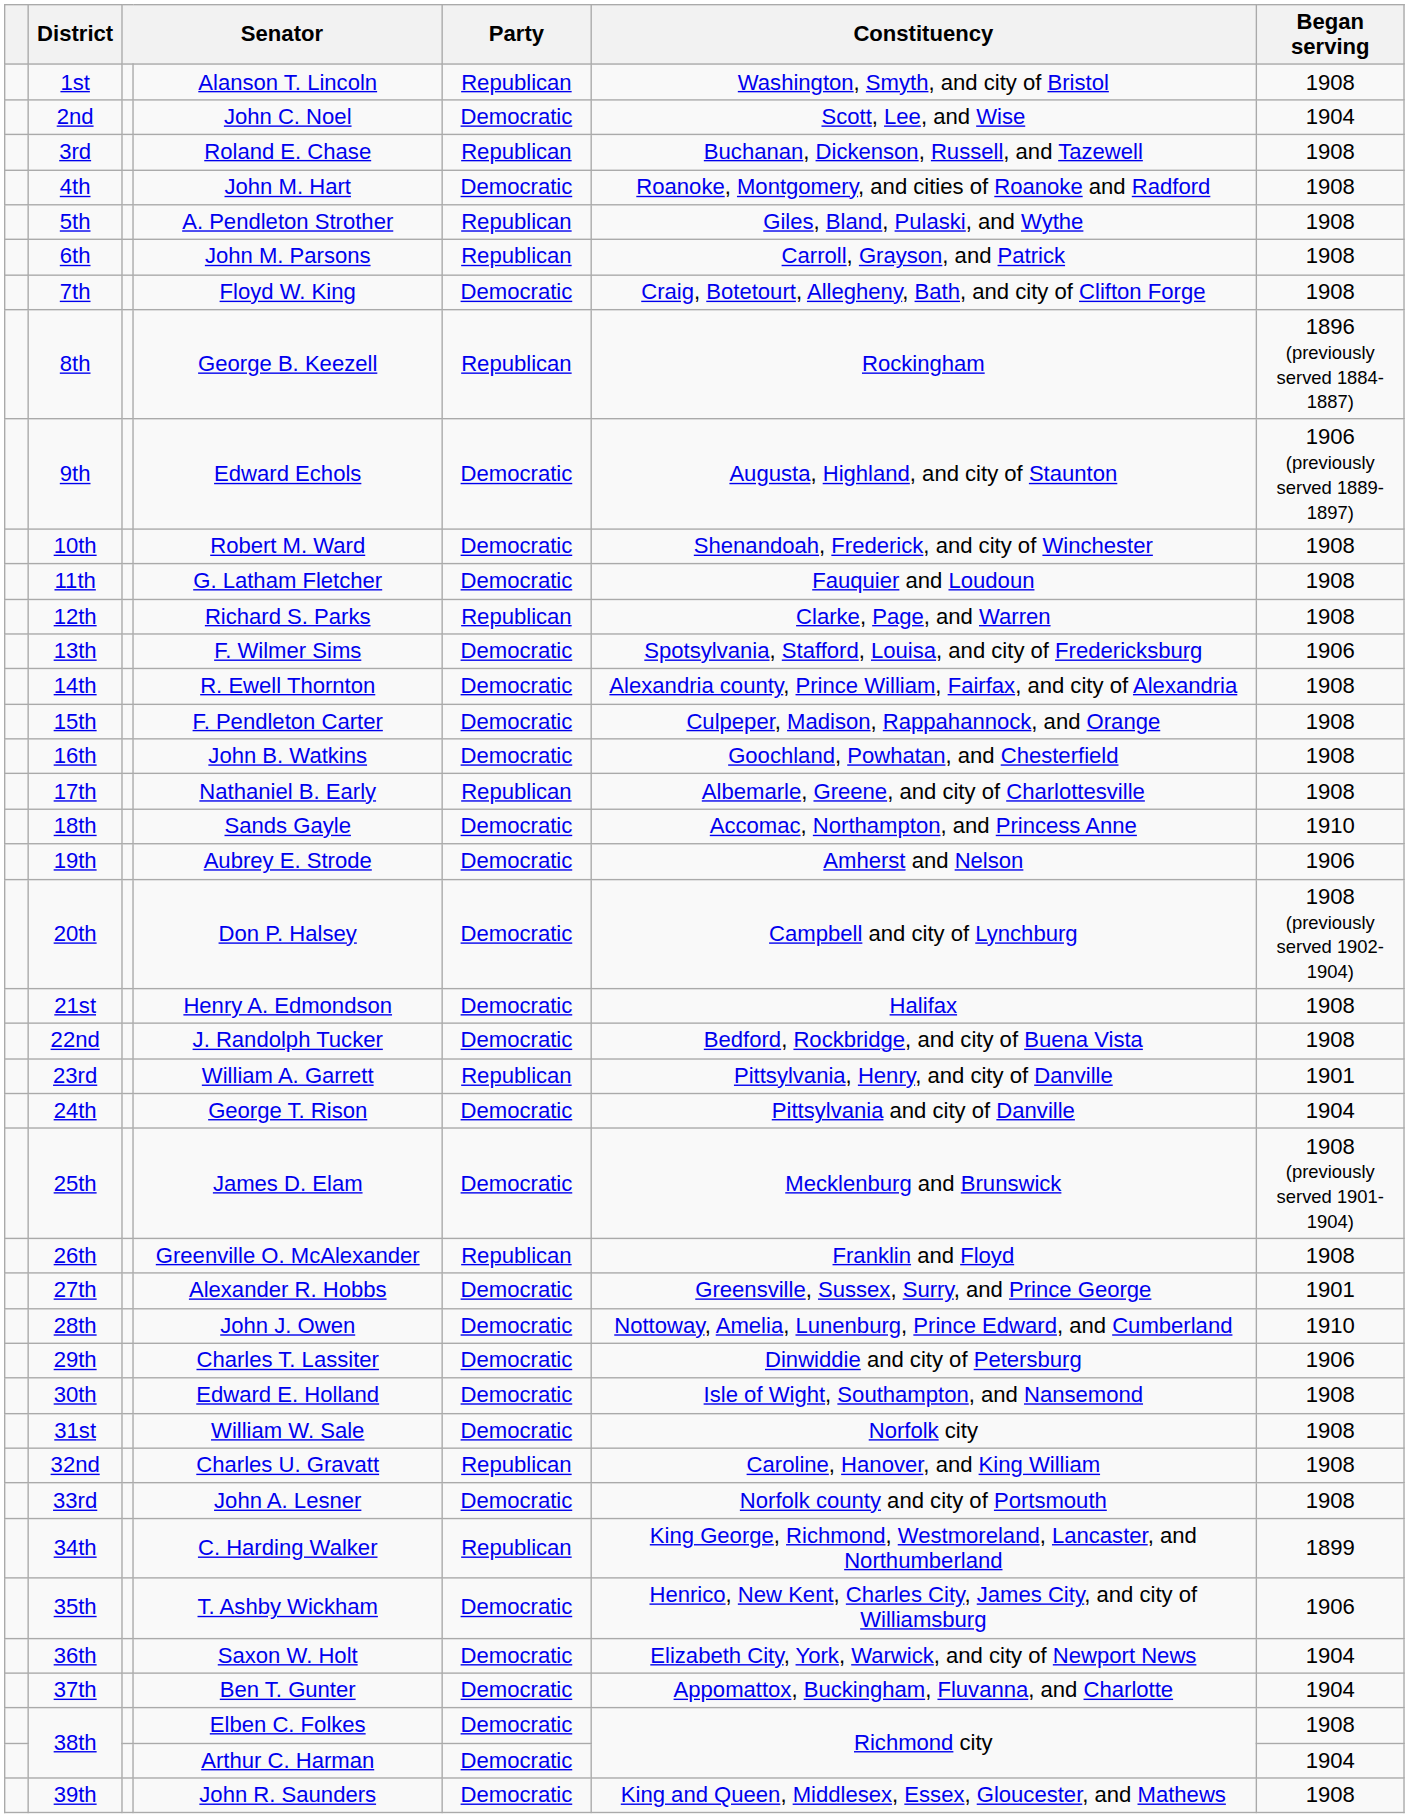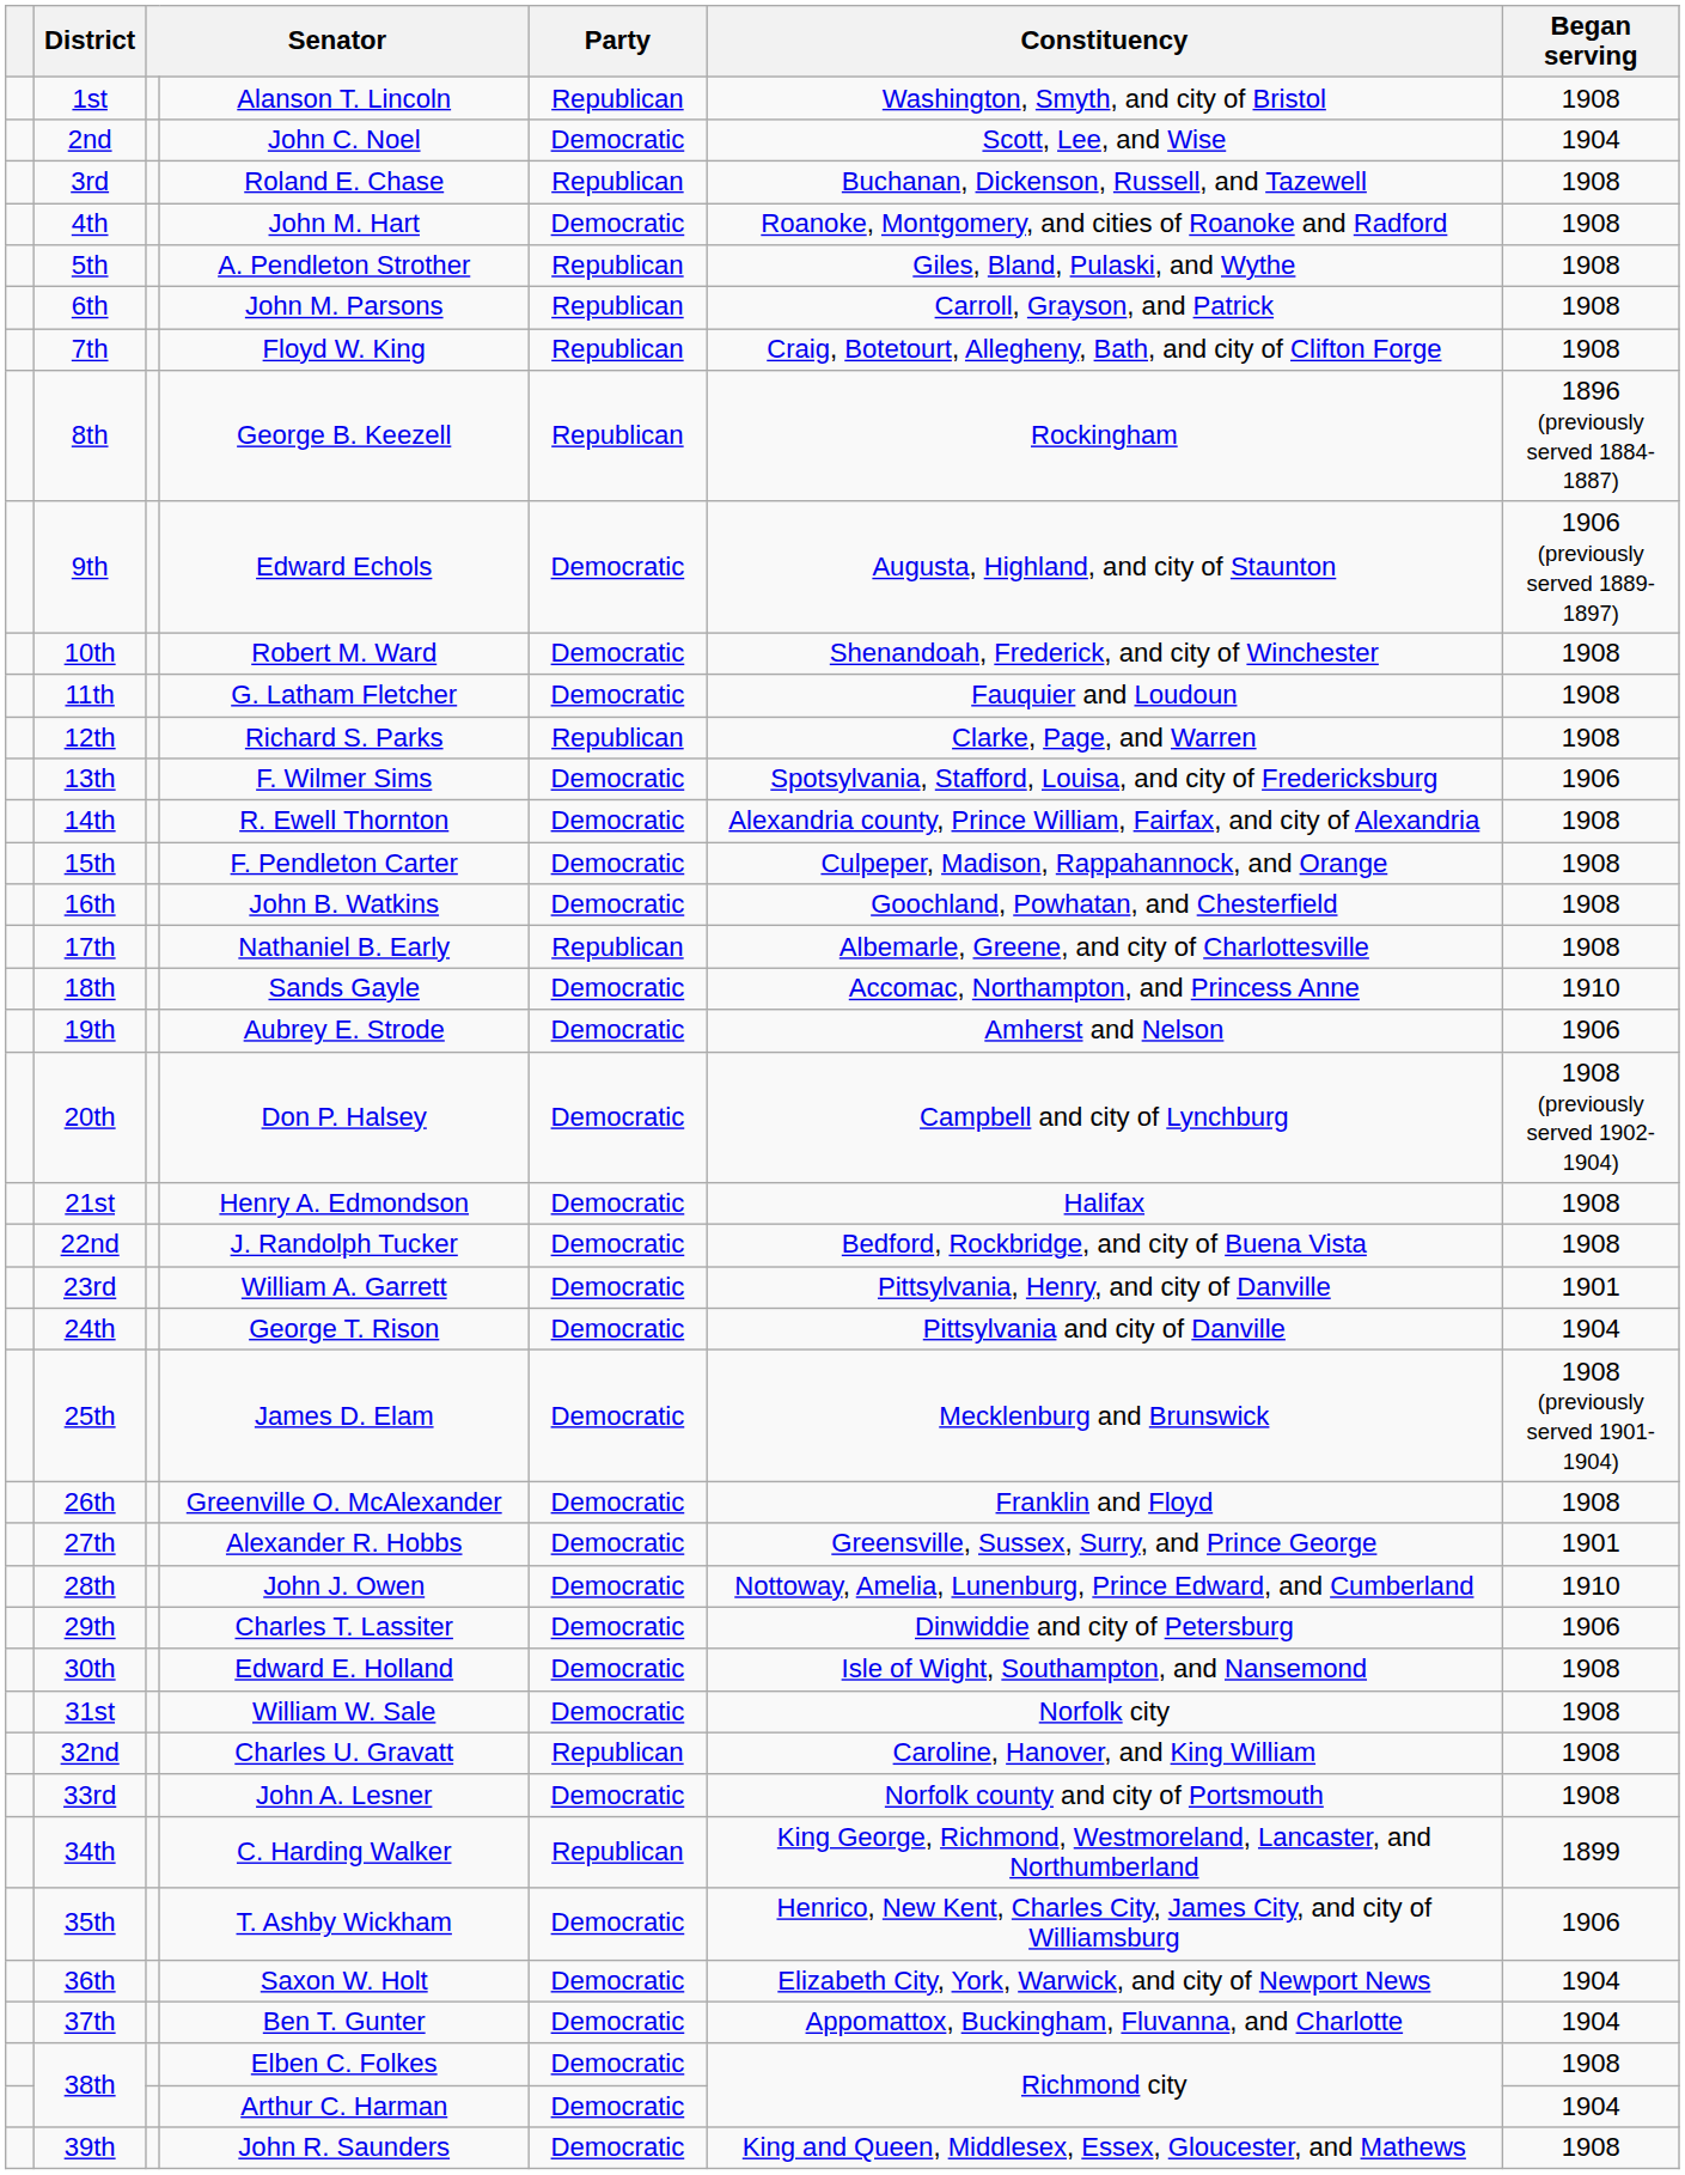 <table class="wikitable" style="text-align:center">
 <tr>
 <th width="10px"></th>
 <th width="60px">District</th>
 <th colspan=2 width="225px">Senator</th>
 <th width="100px">Party</th>
 <th width="475px">Constituency</th>
 <th width="100px">Began serving</th>
 </tr>
 <tr>
 <td style="background-color:"></td>
 <td><a href='#'>1st</a></td>
 <td></td>
 <td><a href='#'>Alanson T. Lincoln</a></td>
 <td><a href='#'>Republican</a></td>
 <td><a href='#'>Washington</a>, <a href='#'>Smyth</a>, and city of <a href='#'>Bristol</a></td>
 <td>1908</td>
 </tr>
 <tr>
 <td style="background-color:"></td>
 <td><a href='#'>2nd</a></td>
 <td></td>
 <td><a href='#'>John C. Noel</a></td>
 <td><a href='#'>Democratic</a></td>
 <td><a href='#'>Scott</a>, <a href='#'>Lee</a>, and <a href='#'>Wise</a></td>
 <td>1904</td>
 </tr>
 <tr>
 <td style="background-color:"></td>
 <td><a href='#'>3rd</a></td>
 <td></td>
 <td><a href='#'>Roland E. Chase</a></td>
 <td><a href='#'>Republican</a></td>
 <td><a href='#'>Buchanan</a>, <a href='#'>Dickenson</a>, <a href='#'>Russell</a>, and <a href='#'>Tazewell</a></td>
 <td>1908</td>
 </tr>
 <tr>
 <td style="background-color:"></td>
 <td><a href='#'>4th</a></td>
 <td></td>
 <td><a href='#'>John M. Hart</a></td>
 <td><a href='#'>Democratic</a></td>
 <td><a href='#'>Roanoke</a>, <a href='#'>Montgomery</a>, and cities of <a href='#'>Roanoke</a> and <a href='#'>Radford</a></td>
 <td>1908</td>
 </tr>
 <tr>
 <td style="background-color:"></td>
 <td><a href='#'>5th</a></td>
 <td></td>
 <td><a href='#'>A. Pendleton Strother</a></td>
 <td><a href='#'>Republican</a></td>
 <td><a href='#'>Giles</a>, <a href='#'>Bland</a>, <a href='#'>Pulaski</a>, and <a href='#'>Wythe</a></td>
 <td>1908</td>
 </tr>
 <tr>
 <td style="background-color:"></td>
 <td><a href='#'>6th</a></td>
 <td></td>
 <td><a href='#'>John M. Parsons</a></td>
 <td><a href='#'>Republican</a></td>
 <td><a href='#'>Carroll</a>, <a href='#'>Grayson</a>, and <a href='#'>Patrick</a></td>
 <td>1908</td>
 </tr>
 <tr>
 <td style="background-color:"></td>
 <td><a href='#'>7th</a></td>
 <td></td>
 <td><a href='#'>Floyd W. King</a></td>
-<td><a href='#'>Democratic</a></td>
+<td><a href='#'>Republican</a></td>
 <td><a href='#'>Craig</a>, <a href='#'>Botetourt</a>, <a href='#'>Allegheny</a>, <a href='#'>Bath</a>, and city of <a href='#'>Clifton Forge</a></td>
 <td>1908</td>
 </tr>
 <tr>
 <td style="background-color:"></td>
 <td><a href='#'>8th</a></td>
 <td></td>
 <td><a href='#'>George B. Keezell</a></td>
 <td><a href='#'>Republican</a></td>
 <td><a href='#'>Rockingham</a></td>
 <td>1896<br><small>(previously served 1884-1887)</small></td>
 </tr>
 <tr>
 <td style="background-color:"></td>
 <td><a href='#'>9th</a></td>
 <td></td>
 <td><a href='#'>Edward Echols</a></td>
 <td><a href='#'>Democratic</a></td>
 <td><a href='#'>Augusta</a>, <a href='#'>Highland</a>, and city of <a href='#'>Staunton</a></td>
 <td>1906<br><small>(previously served 1889-1897)</small></td>
 </tr>
 <tr>
 <td style="background-color:"></td>
 <td><a href='#'>10th</a></td>
 <td></td>
 <td><a href='#'>Robert M. Ward</a></td>
 <td><a href='#'>Democratic</a></td>
 <td><a href='#'>Shenandoah</a>, <a href='#'>Frederick</a>, and city of <a href='#'>Winchester</a></td>
 <td>1908</td>
 </tr>
 <tr>
 <td style="background-color:"></td>
 <td><a href='#'>11th</a></td>
 <td></td>
 <td><a href='#'>G. Latham Fletcher</a></td>
 <td><a href='#'>Democratic</a></td>
 <td><a href='#'>Fauquier</a> and <a href='#'>Loudoun</a></td>
 <td>1908</td>
 </tr>
 <tr>
 <td style="background-color:"></td>
 <td><a href='#'>12th</a></td>
 <td></td>
 <td><a href='#'>Richard S. Parks</a></td>
 <td><a href='#'>Republican</a></td>
 <td><a href='#'>Clarke</a>, <a href='#'>Page</a>, and <a href='#'>Warren</a></td>
 <td>1908</td>
 </tr>
 <tr>
 <td style="background-color:"></td>
 <td><a href='#'>13th</a></td>
 <td></td>
 <td><a href='#'>F. Wilmer Sims</a></td>
 <td><a href='#'>Democratic</a></td>
 <td><a href='#'>Spotsylvania</a>, <a href='#'>Stafford</a>, <a href='#'>Louisa</a>, and city of <a href='#'>Fredericksburg</a></td>
 <td>1906</td>
 </tr>
 <tr>
 <td style="background-color:"></td>
 <td><a href='#'>14th</a></td>
 <td></td>
 <td><a href='#'>R. Ewell Thornton</a></td>
 <td><a href='#'>Democratic</a></td>
 <td><a href='#'>Alexandria county</a>, <a href='#'>Prince William</a>, <a href='#'>Fairfax</a>, and city of <a href='#'>Alexandria</a></td>
 <td>1908</td>
 </tr>
 <tr>
 <td style="background-color:"></td>
 <td><a href='#'>15th</a></td>
 <td></td>
 <td><a href='#'>F. Pendleton Carter</a></td>
 <td><a href='#'>Democratic</a></td>
 <td><a href='#'>Culpeper</a>, <a href='#'>Madison</a>, <a href='#'>Rappahannock</a>, and <a href='#'>Orange</a></td>
 <td>1908</td>
 </tr>
 <tr>
 <td style="background-color:"></td>
 <td><a href='#'>16th</a></td>
 <td></td>
 <td><a href='#'>John B. Watkins</a></td>
 <td><a href='#'>Democratic</a></td>
 <td><a href='#'>Goochland</a>, <a href='#'>Powhatan</a>, and <a href='#'>Chesterfield</a></td>
 <td>1908</td>
 </tr>
 <tr>
 <td style="background-color:"></td>
 <td><a href='#'>17th</a></td>
 <td></td>
 <td><a href='#'>Nathaniel B. Early</a></td>
 <td><a href='#'>Republican</a></td>
 <td><a href='#'>Albemarle</a>, <a href='#'>Greene</a>, and city of <a href='#'>Charlottesville</a></td>
 <td>1908</td>
 </tr>
 <tr>
 <td style="background-color:"></td>
 <td><a href='#'>18th</a></td>
 <td></td>
 <td><a href='#'>Sands Gayle</a></td>
 <td><a href='#'>Democratic</a></td>
 <td><a href='#'>Accomac</a>, <a href='#'>Northampton</a>, and <a href='#'>Princess Anne</a></td>
 <td>1910</td>
 </tr>
 <tr>
 <td style="background-color:"></td>
 <td><a href='#'>19th</a></td>
 <td></td>
 <td><a href='#'>Aubrey E. Strode</a></td>
 <td><a href='#'>Democratic</a></td>
 <td><a href='#'>Amherst</a> and <a href='#'>Nelson</a></td>
 <td>1906</td>
 </tr>
 <tr>
 <td style="background-color:"></td>
 <td><a href='#'>20th</a></td>
 <td></td>
 <td><a href='#'>Don P. Halsey</a></td>
 <td><a href='#'>Democratic</a></td>
 <td><a href='#'>Campbell</a> and city of <a href='#'>Lynchburg</a></td>
 <td>1908<br><small>(previously served 1902-1904)</small></td>
 </tr>
 <tr>
 <td style="background-color:"></td>
 <td><a href='#'>21st</a></td>
 <td></td>
 <td><a href='#'>Henry A. Edmondson</a></td>
 <td><a href='#'>Democratic</a></td>
 <td><a href='#'>Halifax</a></td>
 <td>1908</td>
 </tr>
 <tr>
 <td style="background-color:"></td>
 <td><a href='#'>22nd</a></td>
 <td></td>
 <td><a href='#'>J. Randolph Tucker</a></td>
 <td><a href='#'>Democratic</a></td>
 <td><a href='#'>Bedford</a>, <a href='#'>Rockbridge</a>, and city of <a href='#'>Buena Vista</a></td>
 <td>1908</td>
 </tr>
 <tr>
 <td style="background-color:"></td>
 <td><a href='#'>23rd</a></td>
 <td></td>
 <td><a href='#'>William A. Garrett</a></td>
-<td><a href='#'>Republican</a></td>
+<td><a href='#'>Democratic</a></td>
 <td><a href='#'>Pittsylvania</a>, <a href='#'>Henry</a>, and city of <a href='#'>Danville</a></td>
 <td>1901</td>
 </tr>
 <tr>
 <td style="background-color:"></td>
 <td><a href='#'>24th</a></td>
 <td></td>
 <td><a href='#'>George T. Rison</a></td>
 <td><a href='#'>Democratic</a></td>
 <td><a href='#'>Pittsylvania</a> and city of <a href='#'>Danville</a></td>
 <td>1904</td>
 </tr>
 <tr>
 <td style="background-color:"></td>
 <td><a href='#'>25th</a></td>
 <td></td>
 <td><a href='#'>James D. Elam</a></td>
 <td><a href='#'>Democratic</a></td>
 <td><a href='#'>Mecklenburg</a> and <a href='#'>Brunswick</a></td>
 <td>1908<br><small>(previously served 1901-1904)</small></td>
 </tr>
 <tr>
 <td style="background-color:"></td>
 <td><a href='#'>26th</a></td>
 <td></td>
 <td><a href='#'>Greenville O. McAlexander</a></td>
-<td><a href='#'>Republican</a></td>
+<td><a href='#'>Democratic</a></td>
 <td><a href='#'>Franklin</a> and <a href='#'>Floyd</a></td>
 <td>1908</td>
 </tr>
 <tr>
 <td style="background-color:"></td>
 <td><a href='#'>27th</a></td>
 <td></td>
 <td><a href='#'>Alexander R. Hobbs</a></td>
 <td><a href='#'>Democratic</a></td>
 <td><a href='#'>Greensville</a>, <a href='#'>Sussex</a>, <a href='#'>Surry</a>, and <a href='#'>Prince George</a></td>
 <td>1901</td>
 </tr>
 <tr>
 <td style="background-color:"></td>
 <td><a href='#'>28th</a></td>
 <td></td>
 <td><a href='#'>John J. Owen</a></td>
 <td><a href='#'>Democratic</a></td>
 <td><a href='#'>Nottoway</a>, <a href='#'>Amelia</a>, <a href='#'>Lunenburg</a>, <a href='#'>Prince Edward</a>, and <a href='#'>Cumberland</a></td>
 <td>1910</td>
 </tr>
 <tr>
 <td style="background-color:"></td>
 <td><a href='#'>29th</a></td>
 <td></td>
 <td><a href='#'>Charles T. Lassiter</a></td>
 <td><a href='#'>Democratic</a></td>
 <td><a href='#'>Dinwiddie</a> and city of <a href='#'>Petersburg</a></td>
 <td>1906</td>
 </tr>
 <tr>
 <td style="background-color:"></td>
 <td><a href='#'>30th</a></td>
 <td></td>
 <td><a href='#'>Edward E. Holland</a></td>
 <td><a href='#'>Democratic</a></td>
 <td><a href='#'>Isle of Wight</a>, <a href='#'>Southampton</a>, and <a href='#'>Nansemond</a></td>
 <td>1908</td>
 </tr>
 <tr>
 <td style="background-color:"></td>
 <td><a href='#'>31st</a></td>
 <td></td>
 <td><a href='#'>William W. Sale</a></td>
 <td><a href='#'>Democratic</a></td>
 <td><a href='#'>Norfolk</a> city</td>
 <td>1908</td>
 </tr>
 <tr>
 <td style="background-color:"></td>
 <td><a href='#'>32nd</a></td>
 <td></td>
 <td><a href='#'>Charles U. Gravatt</a></td>
 <td><a href='#'>Republican</a></td>
 <td><a href='#'>Caroline</a>, <a href='#'>Hanover</a>, and <a href='#'>King William</a></td>
 <td>1908</td>
 </tr>
 <tr>
 <td style="background-color:"></td>
 <td><a href='#'>33rd</a></td>
 <td></td>
 <td><a href='#'>John A. Lesner</a></td>
 <td><a href='#'>Democratic</a></td>
 <td><a href='#'>Norfolk county</a> and city of <a href='#'>Portsmouth</a></td>
 <td>1908</td>
 </tr>
 <tr>
 <td style="background-color:"></td>
 <td><a href='#'>34th</a></td>
 <td></td>
 <td><a href='#'>C. Harding Walker</a></td>
 <td><a href='#'>Republican</a></td>
 <td><a href='#'>King George</a>, <a href='#'>Richmond</a>, <a href='#'>Westmoreland</a>, <a href='#'>Lancaster</a>, and <a href='#'>Northumberland</a></td>
 <td>1899</td>
 </tr>
 <tr>
 <td style="background-color:"></td>
 <td><a href='#'>35th</a></td>
 <td></td>
 <td><a href='#'>T. Ashby Wickham</a></td>
 <td><a href='#'>Democratic</a></td>
 <td><a href='#'>Henrico</a>, <a href='#'>New Kent</a>, <a href='#'>Charles City</a>, <a href='#'>James City</a>, and city of <a href='#'>Williamsburg</a></td>
 <td>1906</td>
 </tr>
 <tr>
 <td style="background-color:"></td>
 <td><a href='#'>36th</a></td>
 <td></td>
 <td><a href='#'>Saxon W. Holt</a></td>
 <td><a href='#'>Democratic</a></td>
 <td><a href='#'>Elizabeth City</a>, <a href='#'>York</a>, <a href='#'>Warwick</a>, and city of <a href='#'>Newport News</a></td>
 <td>1904</td>
 </tr>
 <tr>
 <td style="background-color:"></td>
 <td><a href='#'>37th</a></td>
 <td></td>
 <td><a href='#'>Ben T. Gunter</a></td>
 <td><a href='#'>Democratic</a></td>
 <td><a href='#'>Appomattox</a>, <a href='#'>Buckingham</a>, <a href='#'>Fluvanna</a>, and <a href='#'>Charlotte</a></td>
 <td>1904</td>
 </tr>
 <tr>
 <td style="background-color:"></td>
 <td rowspan="2"><a href='#'>38th</a></td>
 <td></td>
 <td><a href='#'>Elben C. Folkes</a></td>
 <td><a href='#'>Democratic</a></td>
 <td rowspan="2"><a href='#'>Richmond</a> city</td>
 <td>1908</td>
 </tr>
 <tr>
 <td style="background-color:"></td>
 <td></td>
 <td><a href='#'>Arthur C. Harman</a></td>
 <td><a href='#'>Democratic</a></td>
 <td>1904</td>
 </tr>
 <tr>
 <td style="background-color:"></td>
 <td><a href='#'>39th</a></td>
 <td></td>
 <td><a href='#'>John R. Saunders</a></td>
 <td><a href='#'>Democratic</a></td>
 <td><a href='#'>King and Queen</a>, <a href='#'>Middlesex</a>, <a href='#'>Essex</a>, <a href='#'>Gloucester</a>, and <a href='#'>Mathews</a></td>
 <td>1908</td>
 </tr>
 </table>
